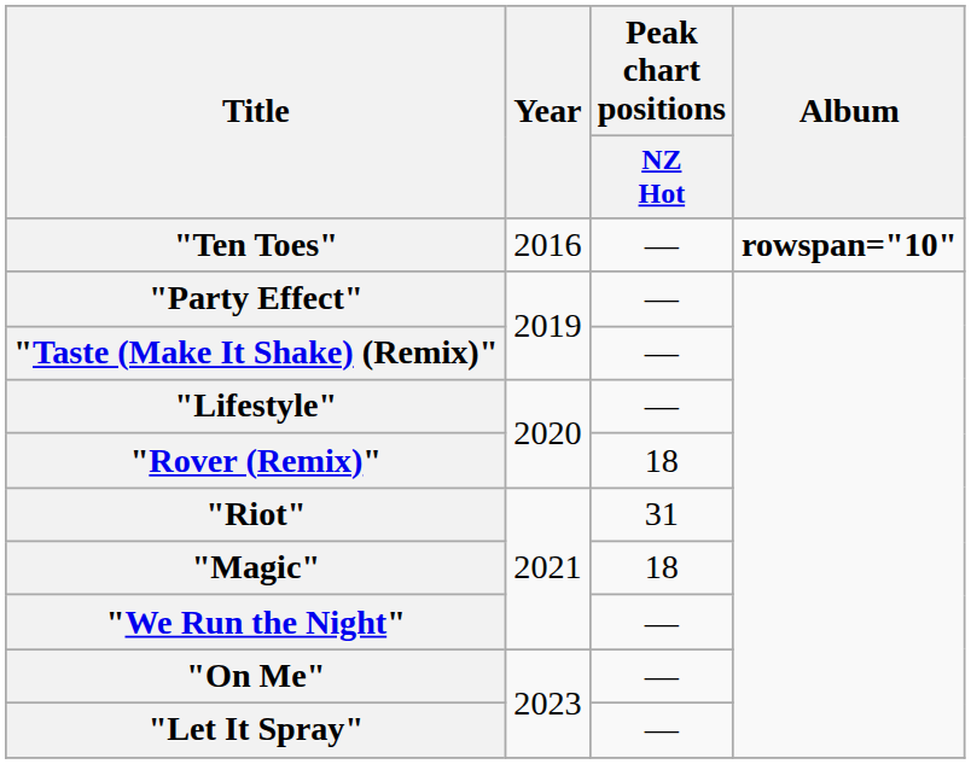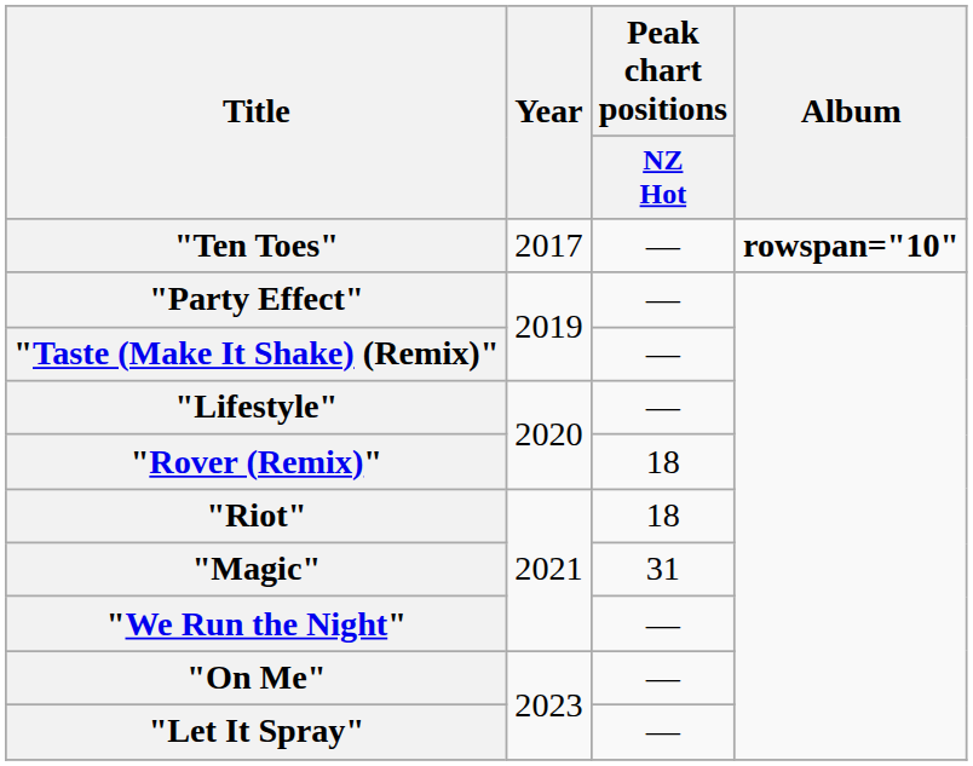 <table class="wikitable plainrowheaders" style="text-align:center;">
 <tr>
 <th scope="col" rowspan="2">Title</th>
 <th scope="col" rowspan="2">Year</th>
 <th scope="col" colspan="1">Peak chart positions</th>
 <th scope="col" rowspan="2">Album</th>
 </tr>
 <tr>
 <th scope="col" style="width:2.75em;font-size:85%;"><a href='#'>NZ<br>Hot</a><br></th>
 </tr>
 <tr>
 <th scope="row">"Ten Toes"<br></th>
-<td>2016</td>
+<td>2017</td>
 <td>—</td>
 <td><strong>rowspan="10" </strong></td>
 </tr>
 <tr>
 <th scope="row">"Party Effect"<br></th>
 <td rowspan="2">2019</td>
 <td>—</td>
 </tr>
 <tr>
 <th scope="row">"<a href='#'>Taste (Make It Shake)</a> (Remix)"<br></th>
 <td>—</td>
 </tr>
 <tr>
 <th scope="row">"Lifestyle"<br></th>
 <td rowspan="2">2020</td>
 <td>—</td>
 </tr>
 <tr>
 <th scope="row">"<a href='#'>Rover (Remix)</a>"<br></th>
 <td>18</td>
 </tr>
 <tr>
 <th scope="row">"Riot"<br></th>
 <td rowspan="3">2021</td>
-<td>31</td>
+<td>18</td>
 </tr>
 <tr>
 <th scope="row">"Magic"<br></th>
-<td>18</td>
+<td>31</td>
 </tr>
 <tr>
 <th scope="row">"<a href='#'>We Run the Night</a>"<br></th>
 <td>—</td>
 </tr>
 <tr>
 <th scope="row">"On Me"<br></th>
 <td rowspan="2">2023</td>
 <td>—</td>
 </tr>
 <tr>
 <th scope="row">"Let It Spray"<br></th>
 <td>—</td>
 </tr>
 </table>
